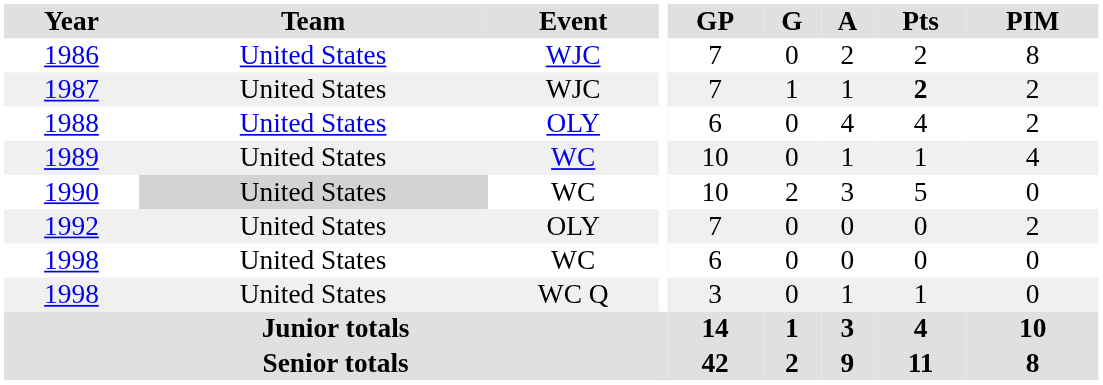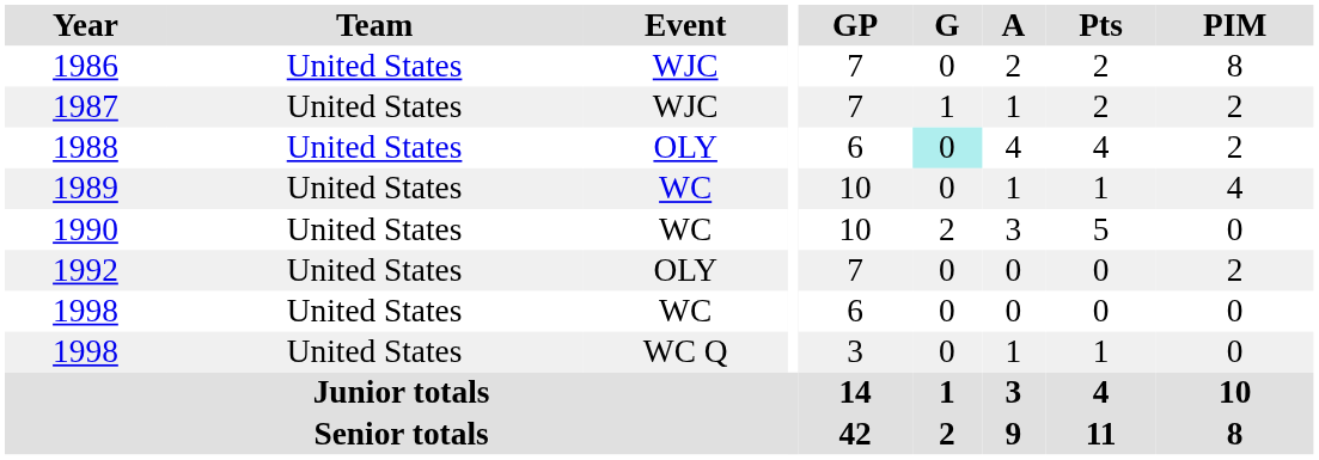 <table border="0" cellpadding="1" cellspacing="0" ID="Table3" style="text-align:center; width:40em">
 <tr bgcolor="#e0e0e0">
 <th>Year</th>
 <th>Team</th>
 <th>Event</th>
 <th rowspan="102" bgcolor="#ffffff"></th>
 <th>GP</th>
 <th>G</th>
 <th>A</th>
 <th>Pts</th>
 <th>PIM</th>
 </tr>
 <tr>
 <td><a href='#'>1986</a></td>
 <td><a href='#'>United States</a></td>
 <td><a href='#'>WJC</a></td>
 <td>7</td>
 <td>0</td>
 <td>2</td>
 <td>2</td>
 <td>8</td>
 </tr>
 <tr bgcolor="#f0f0f0">
 <td><a href='#'>1987</a></td>
 <td>United States</td>
 <td>WJC</td>
 <td>7</td>
 <td>1</td>
 <td>1</td>
-<td><strong>2</strong></td>
+<td>2</td>
 <td>2</td>
 </tr>
 <tr>
 <td><a href='#'>1988</a></td>
 <td><a href='#'>United States</a></td>
 <td><a href='#'>OLY</a></td>
 <td>6</td>
-<td>0</td>
+<td style="background: paleturquoise;">0</td>
 <td>4</td>
 <td>4</td>
 <td>2</td>
 </tr>
 <tr bgcolor="#f0f0f0">
 <td><a href='#'>1989</a></td>
 <td>United States</td>
 <td><a href='#'>WC</a></td>
 <td>10</td>
 <td>0</td>
 <td>1</td>
 <td>1</td>
 <td>4</td>
 </tr>
 <tr>
 <td><a href='#'>1990</a></td>
-<td style="background: lightgrey;">United States</td>
+<td>United States</td>
 <td>WC</td>
 <td>10</td>
 <td>2</td>
 <td>3</td>
 <td>5</td>
 <td>0</td>
 </tr>
 <tr bgcolor="#f0f0f0">
 <td><a href='#'>1992</a></td>
 <td>United States</td>
 <td>OLY</td>
 <td>7</td>
 <td>0</td>
 <td>0</td>
 <td>0</td>
 <td>2</td>
 </tr>
 <tr>
 <td><a href='#'>1998</a></td>
 <td>United States</td>
 <td>WC</td>
 <td>6</td>
 <td>0</td>
 <td>0</td>
 <td>0</td>
 <td>0</td>
 </tr>
 <tr bgcolor="#f0f0f0">
 <td><a href='#'>1998</a></td>
 <td>United States</td>
 <td>WC Q</td>
 <td>3</td>
 <td>0</td>
 <td>1</td>
 <td>1</td>
 <td>0</td>
 </tr>
 <tr bgcolor="#e0e0e0">
 <th colspan="4">Junior totals</th>
 <th>14</th>
 <th>1</th>
 <th>3</th>
 <th>4</th>
 <th>10</th>
 </tr>
 <tr bgcolor="#e0e0e0">
 <th colspan="4">Senior totals</th>
 <th>42</th>
 <th>2</th>
 <th>9</th>
 <th>11</th>
 <th>8</th>
 </tr>
 </table>
